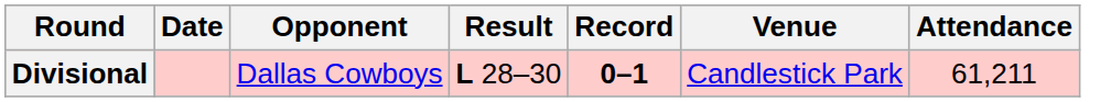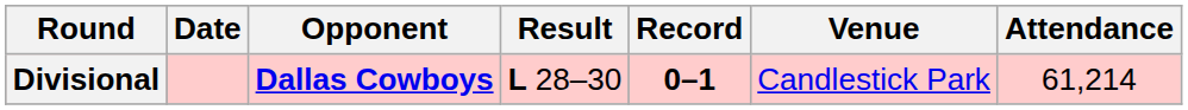 <table class="wikitable" style="text-align:center">
 <tr>
 <th>Round</th>
 <th>Date</th>
 <th>Opponent</th>
 <th>Result</th>
 <th>Record</th>
 <th>Venue</th>
 <th>Attendance</th>
 </tr>
 <tr style="background:#fcc">
 <th>Divisional</th>
 <td></td>
-<td><a href='#'>Dallas Cowboys</a></td>
+<td><strong><a href='#'>Dallas Cowboys</a></strong></td>
 <td><strong>L</strong> 28–30</td>
 <td><strong>0–1</strong></td>
 <td><a href='#'>Candlestick Park</a></td>
-<td>61,211</td>
+<td>61,214</td>
 </tr>
 </table>
